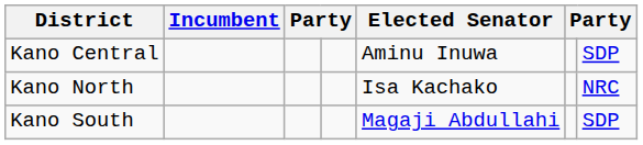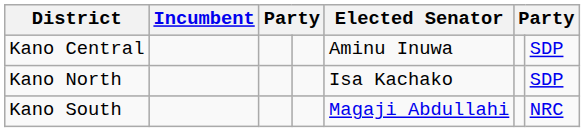 <table class="sortable wikitable" style="font-size:95%;line-height:14px;">
 <tr>
 <th class="unsortable">District</th>
 <th class="unsortable"><a href='#'>Incumbent</a></th>
 <th colspan="2">Party</th>
 <th class="unsortable">Elected Senator</th>
 <th colspan="2">Party</th>
 </tr>
 <tr>
 <td>Kano Central</td>
 <td></td>
 <td></td>
 <td></td>
 <td>Aminu Inuwa</td>
 <td style="background:"></td>
 <td><a href='#'>SDP</a></td>
 </tr>
 <tr>
 <td>Kano North</td>
 <td></td>
 <td></td>
 <td></td>
 <td>Isa Kachako</td>
 <td style="background:"></td>
-<td><a href='#'>NRC</a></td>
+<td><a href='#'>SDP</a></td>
 </tr>
 <tr>
 <td>Kano South</td>
 <td></td>
 <td></td>
 <td></td>
 <td><a href='#'>Magaji Abdullahi</a></td>
 <td style="background:"></td>
-<td><a href='#'>SDP</a></td>
+<td><a href='#'>NRC</a></td>
 </tr>
 </table>
